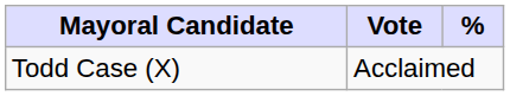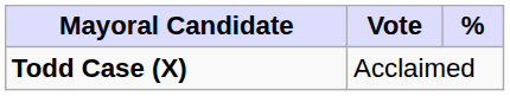 <table class="wikitable">
 <tr>
 <th style="background:#ddf; width:200px;">Mayoral Candidate </th>
 <th style="background:#ddf; width:50px;">Vote</th>
 <th style="background:#ddf; width:30px;">%</th>
 </tr>
 <tr>
-<td>Todd Case (X)</td>
+<td><strong>Todd Case (X)</strong></td>
 <td colspan="2">Acclaimed</td>
 </tr>
 </table>
